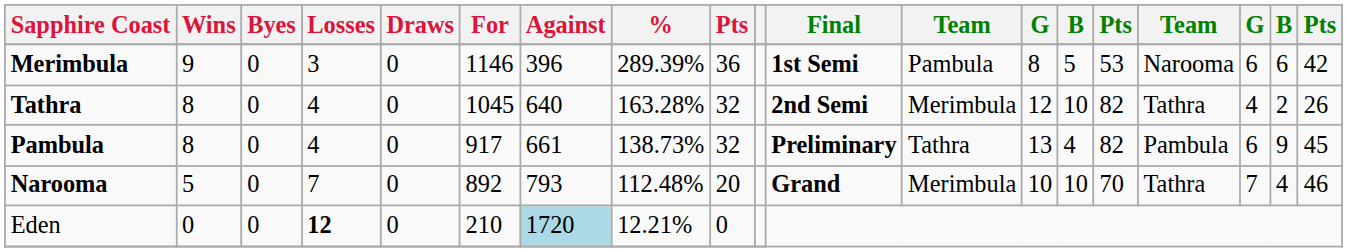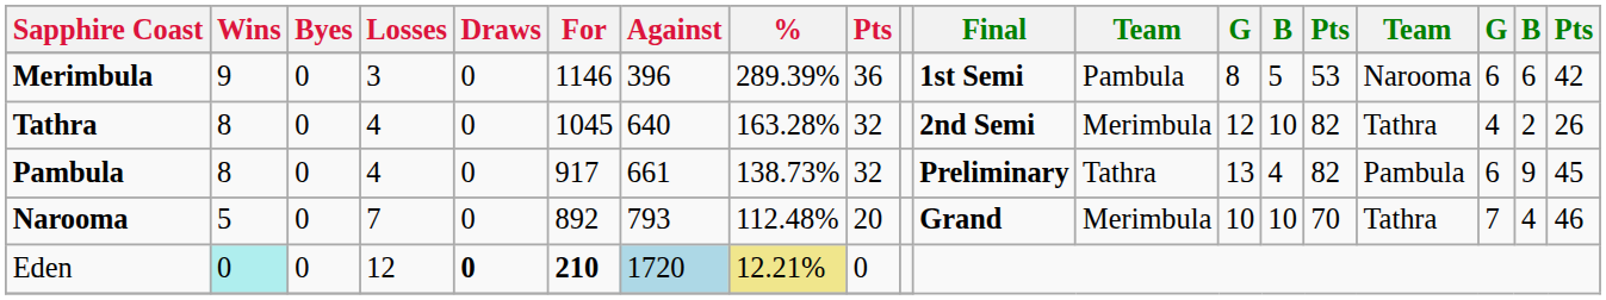 <table style="font-size: 85%; text-align: left;" class="wikitable">
 <tr>
 <th style="color:crimson">Sapphire Coast</th>
 <th style="color:crimson">Wins</th>
 <th style="color:crimson">Byes</th>
 <th style="color:crimson">Losses</th>
 <th style="color:crimson">Draws</th>
 <th style="color:crimson">For</th>
 <th style="color:crimson">Against</th>
 <th style="color:crimson">%</th>
 <th style="color:crimson">Pts</th>
 <th></th>
 <th style="color:green">Final</th>
 <th style="color:green">Team</th>
 <th style="color:green">G</th>
 <th style="color:green">B</th>
 <th style="color:green">Pts</th>
 <th style="color:green">Team</th>
 <th style="color:green">G</th>
 <th style="color:green">B</th>
 <th style="color:green">Pts</th>
 </tr>
 <tr>
 </tr>
 <tr>
 </tr>
 <tr>
 <td><strong>	Merimbula	</strong></td>
 <td>9</td>
 <td>0</td>
 <td>3</td>
 <td>0</td>
 <td>1146</td>
 <td>396</td>
 <td>289.39%</td>
 <td>36</td>
 <td></td>
 <td><strong>1st Semi</strong></td>
 <td>Pambula</td>
 <td>8</td>
 <td>5</td>
 <td>53</td>
 <td>Narooma</td>
 <td>6</td>
 <td>6</td>
 <td>42</td>
 </tr>
 <tr>
 <td><strong>	Tathra	</strong></td>
 <td>8</td>
 <td>0</td>
 <td>4</td>
 <td>0</td>
 <td>1045</td>
 <td>640</td>
 <td>163.28%</td>
 <td>32</td>
 <td></td>
 <td><strong>2nd Semi</strong></td>
 <td>Merimbula</td>
 <td>12</td>
 <td>10</td>
 <td>82</td>
 <td>Tathra</td>
 <td>4</td>
 <td>2</td>
 <td>26</td>
 </tr>
 <tr>
 <td><strong>	Pambula	</strong></td>
 <td>8</td>
 <td>0</td>
 <td>4</td>
 <td>0</td>
 <td>917</td>
 <td>661</td>
 <td>138.73%</td>
 <td>32</td>
 <td></td>
 <td><strong>Preliminary</strong></td>
 <td>Tathra</td>
 <td>13</td>
 <td>4</td>
 <td>82</td>
 <td>Pambula</td>
 <td>6</td>
 <td>9</td>
 <td>45</td>
 </tr>
 <tr>
 <td><strong>	Narooma	</strong></td>
 <td>5</td>
 <td>0</td>
 <td>7</td>
 <td>0</td>
 <td>892</td>
 <td>793</td>
 <td>112.48%</td>
 <td>20</td>
 <td></td>
 <td><strong>Grand</strong></td>
 <td>Merimbula</td>
 <td>10</td>
 <td>10</td>
 <td>70</td>
 <td>Tathra</td>
 <td>7</td>
 <td>4</td>
 <td>46</td>
 </tr>
 <tr>
 <td>Eden</td>
+<td style="background: paleturquoise;">0</td>
 <td>0</td>
-<td>0</td>
-<td><strong>12</strong></td>
-<td>0</td>
-<td>210</td>
+<td>12</td>
+<td><strong>0</strong></td>
+<td><strong>210</strong></td>
 <td style="background: lightblue;">1720</td>
-<td>12.21%</td>
+<td style="background: khaki;">12.21%</td>
 <td>0</td>
 <td></td>
 </tr>
 <tr>
 </tr>
 </table>
